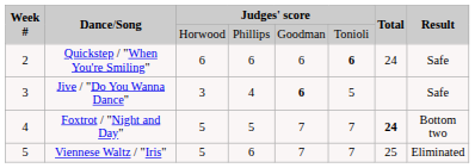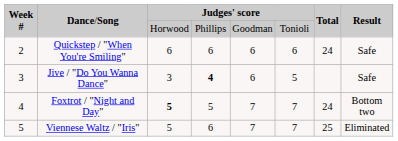 <table class="wikitable" style="margin:left;">
 <tr style="text-align:Center; background:#ccc;">
 <td rowspan="2"><strong>Week #</strong></td>
 <td rowspan="2"><strong>Dance</strong>/<strong>Song</strong></td>
 <td colspan="4"><strong>Judges' score</strong></td>
 <td rowspan="2"><strong>Total</strong></td>
 <td rowspan="2"><strong>Result</strong></td>
 </tr>
 <tr style="text-align:center; background:#ccc;">
 <td style="width:10%; ">Horwood</td>
 <td style="width:10%; ">Phillips</td>
 <td style="width:10%; ">Goodman</td>
 <td style="width:10%; ">Tonioli</td>
 </tr>
 <tr style="text-align:center; background:#faf6f6;">
 <td>2</td>
 <td><a href='#'>Quickstep</a> / "<a href='#'>When You're Smiling</a>"</td>
 <td>6</td>
 <td>6</td>
 <td>6</td>
-<td><strong>6</strong></td>
+<td>6</td>
 <td>24</td>
 <td>Safe</td>
 </tr>
 <tr>
 <td style="text-align:center; background:#faf6f6;">3</td>
 <td style="text-align:center; background:#faf6f6;"><a href='#'>Jive</a> / "<a href='#'>Do You Wanna Dance</a>"</td>
 <td style="text-align:center; background:#faf6f6;">3</td>
-<td style="text-align:center; background:#faf6f6;">4</td>
-<td style="text-align:center; background:#faf6f6;"><strong>6</strong></td>
+<td style="text-align:center; background:#faf6f6;"><strong>4</strong></td>
+<td style="text-align:center; background:#faf6f6;">6</td>
 <td style="text-align:center; background:#faf6f6;">5</td>
 <td style="text-align:center; background:#faf6f6;"></td>
 <td style="text-align:center; background:#faf6f6;">Safe</td>
 </tr>
 <tr style="text-align:center; background:#faf6f6;">
 <td>4</td>
 <td><a href='#'>Foxtrot</a> / "<a href='#'>Night and Day</a>"</td>
-<td>5</td>
+<td><strong>5</strong></td>
 <td>5</td>
 <td>7</td>
 <td>7</td>
-<td><strong>24</strong></td>
+<td>24</td>
 <td>Bottom two</td>
 </tr>
 <tr style="text-align:center; background:#faf6f6;">
 <td>5</td>
 <td><a href='#'>Viennese Waltz</a> / "<a href='#'>Iris</a>"</td>
 <td>5</td>
 <td>6</td>
 <td>7</td>
 <td>7</td>
 <td>25</td>
 <td>Eliminated</td>
 </tr>
 </table>
